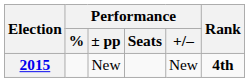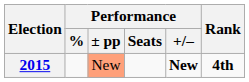 <table class="wikitable" style="text-align:center">
 <tr>
 <th rowspan="2"><strong>Election</strong></th>
 <th colspan="4" scope="col">Performance</th>
 <th rowspan="2">Rank</th>
 </tr>
 <tr>
 <th><strong>%</strong></th>
 <th><strong>± pp</strong></th>
 <th><strong>Seats</strong></th>
 <th><strong>+/–</strong></th>
 </tr>
 <tr>
 <th><a href='#'>2015</a></th>
 <td></td>
-<td>New</td>
+<td style="background: lightsalmon;">New</td>
 <td></td>
-<td>New</td>
+<td><strong>New</strong></td>
 <td><strong>4th</strong></td>
 </tr>
 </table>
